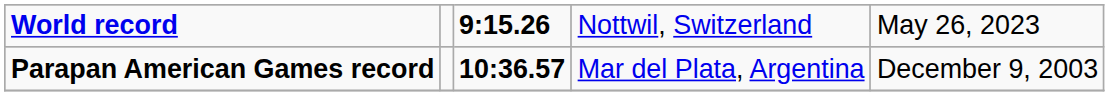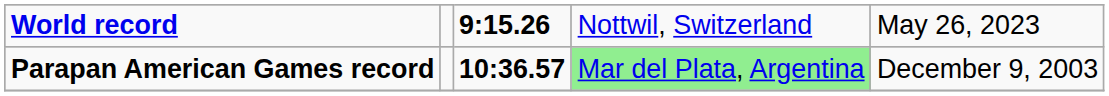 <table class="wikitable">
 <tr>
 <td><strong><a href='#'>World record</a></strong></td>
 <td></td>
 <td><strong>9:15.26</strong></td>
 <td><a href='#'>Nottwil</a>, <a href='#'>Switzerland</a></td>
 <td>May 26, 2023</td>
 </tr>
 <tr>
 <td><strong>Parapan American Games record</strong></td>
 <td></td>
 <td><strong>10:36.57</strong></td>
-<td><a href='#'>Mar del Plata</a>, <a href='#'>Argentina</a></td>
+<td style="background: lightgreen;"><a href='#'>Mar del Plata</a>, <a href='#'>Argentina</a></td>
 <td>December 9, 2003</td>
 </tr>
 <tr>
 </tr>
 </table>
